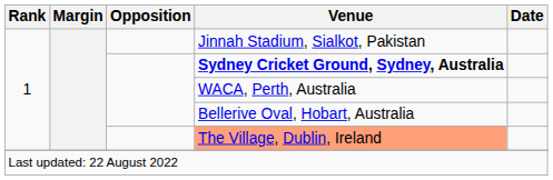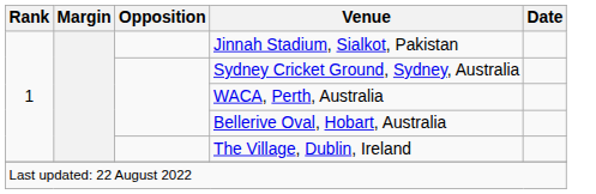 <table class="wikitable plainrowheaders sortable">
 <tr>
 <th scope=col>Rank</th>
 <th scope=col>Margin</th>
 <th scope=col>Opposition</th>
 <th scope=col>Venue</th>
 <th scope=col>Date</th>
 </tr>
 <tr>
 <td align=center rowspan=5>1</td>
 <th scope=row style=text-align:center; rowspan=5></th>
 <td></td>
 <td><a href='#'>Jinnah Stadium</a>, <a href='#'>Sialkot</a>, Pakistan</td>
 <td></td>
 </tr>
 <tr>
 <td rowspan=3></td>
-<td><strong><a href='#'>Sydney Cricket Ground</a>, <a href='#'>Sydney</a>, Australia</strong></td>
+<td><a href='#'>Sydney Cricket Ground</a>, <a href='#'>Sydney</a>, Australia</td>
 <td></td>
 </tr>
 <tr>
 <td><a href='#'>WACA</a>, <a href='#'>Perth</a>, Australia</td>
 <td></td>
 </tr>
 <tr>
 <td><a href='#'>Bellerive Oval</a>, <a href='#'>Hobart</a>, Australia</td>
 <td></td>
 </tr>
 <tr>
 <td></td>
-<td style="background: lightsalmon;"><a href='#'>The Village</a>, <a href='#'>Dublin</a>, Ireland</td>
+<td><a href='#'>The Village</a>, <a href='#'>Dublin</a>, Ireland</td>
 <td></td>
 </tr>
 <tr>
 </tr>
 <tr class=sortbottom>
 <td colspan=5><small>Last updated: 22 August 2022</small></td>
 </tr>
 </table>
